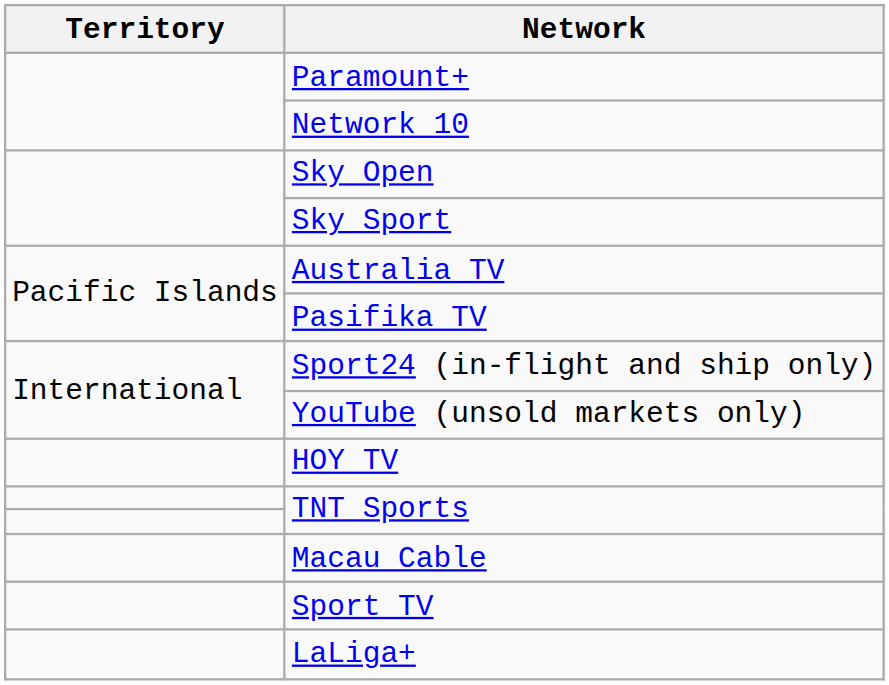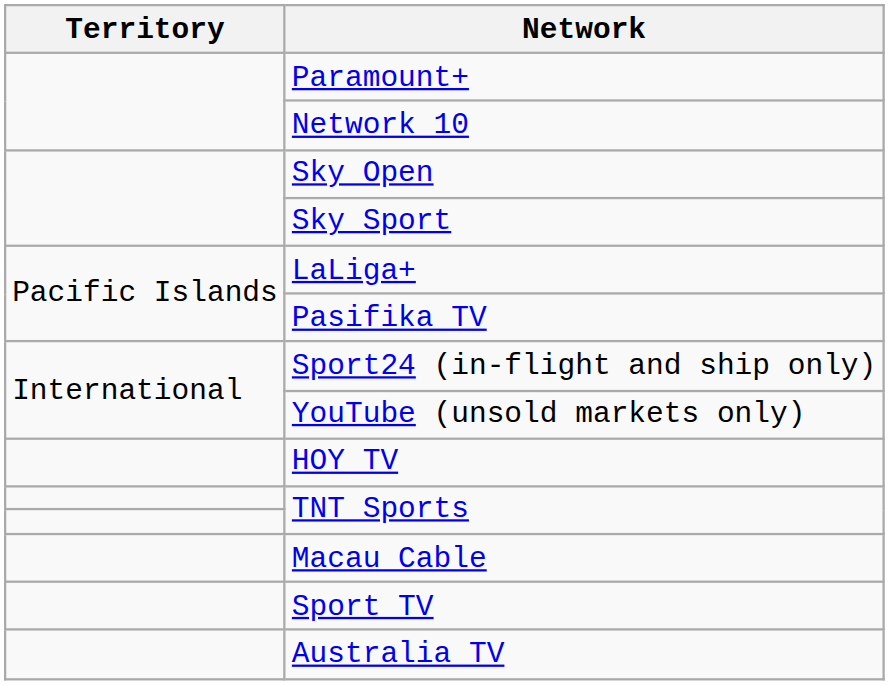 <table class="wikitable">
 <tr>
 <th>Territory</th>
 <th>Network</th>
 </tr>
 <tr>
 <td rowspan="2"></td>
 <td><a href='#'>Paramount+</a></td>
 </tr>
 <tr>
 <td><a href='#'>Network 10</a></td>
 </tr>
 <tr>
 <td rowspan="2"></td>
 <td><a href='#'>Sky Open</a></td>
 </tr>
 <tr>
 <td><a href='#'>Sky Sport</a></td>
 </tr>
 <tr>
 <td rowspan="2">Pacific Islands</td>
-<td><a href='#'>Australia TV</a></td>
+<td><a href='#'>LaLiga+</a></td>
 </tr>
 <tr>
 <td><a href='#'>Pasifika TV</a></td>
 </tr>
 <tr>
 <td rowspan="2">International</td>
 <td><a href='#'>Sport24</a> (in-flight and ship only)</td>
 </tr>
 <tr>
 <td><a href='#'>YouTube</a> (unsold markets only)</td>
 </tr>
 <tr>
 <td></td>
 <td><a href='#'>HOY TV</a></td>
 </tr>
 <tr>
 <td></td>
 <td rowspan="2"><a href='#'>TNT Sports</a></td>
 </tr>
 <tr>
 <td></td>
 </tr>
 <tr>
 <td></td>
 <td><a href='#'>Macau Cable</a></td>
 </tr>
 <tr>
 <td></td>
 <td><a href='#'>Sport TV</a></td>
 </tr>
 <tr>
 <td></td>
-<td><a href='#'>LaLiga+</a></td>
+<td><a href='#'>Australia TV</a></td>
 </tr>
 </table>
